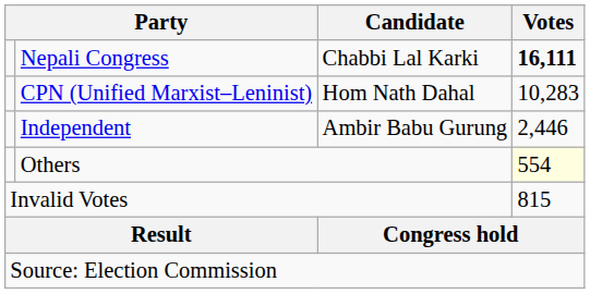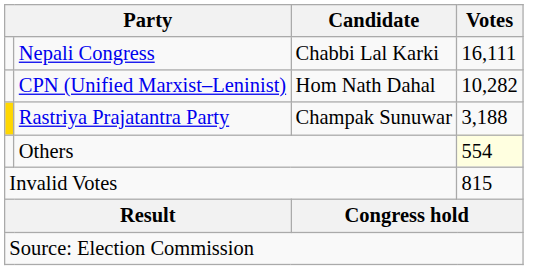 <table class="wikitable">
 <tr>
 <th colspan="2">Party</th>
 <th>Candidate</th>
 <th>Votes</th>
 </tr>
 <tr>
 <td style="background-color:"></td>
 <td><a href='#'>Nepali Congress</a></td>
 <td>Chabbi Lal Karki</td>
-<td><strong>16,111</strong></td>
+<td>16,111</td>
 </tr>
 <tr>
 <td style="background-color:"></td>
 <td><a href='#'>CPN (Unified Marxist–Leninist)</a></td>
 <td>Hom Nath Dahal</td>
-<td>10,283</td>
+<td>10,282</td>
 </tr>
 <tr>
-<td style="background-color:"></td>
-<td><a href='#'>Independent</a></td>
-<td>Ambir Babu Gurung</td>
-<td>2,446</td>
+<td style="background-color:gold"></td>
+<td><a href='#'>Rastriya Prajatantra Party</a></td>
+<td>Champak Sunuwar</td>
+<td>3,188</td>
 </tr>
 <tr>
 <td></td>
 <td colspan="2">Others</td>
 <td style="background: lightyellow;">554</td>
 </tr>
 <tr>
 <td colspan="3">Invalid Votes</td>
 <td>815</td>
 </tr>
 <tr>
 <th colspan="2">Result</th>
 <th colspan="2">Congress hold</th>
 </tr>
 <tr>
 <td colspan="4">Source: Election Commission</td>
 </tr>
 </table>
